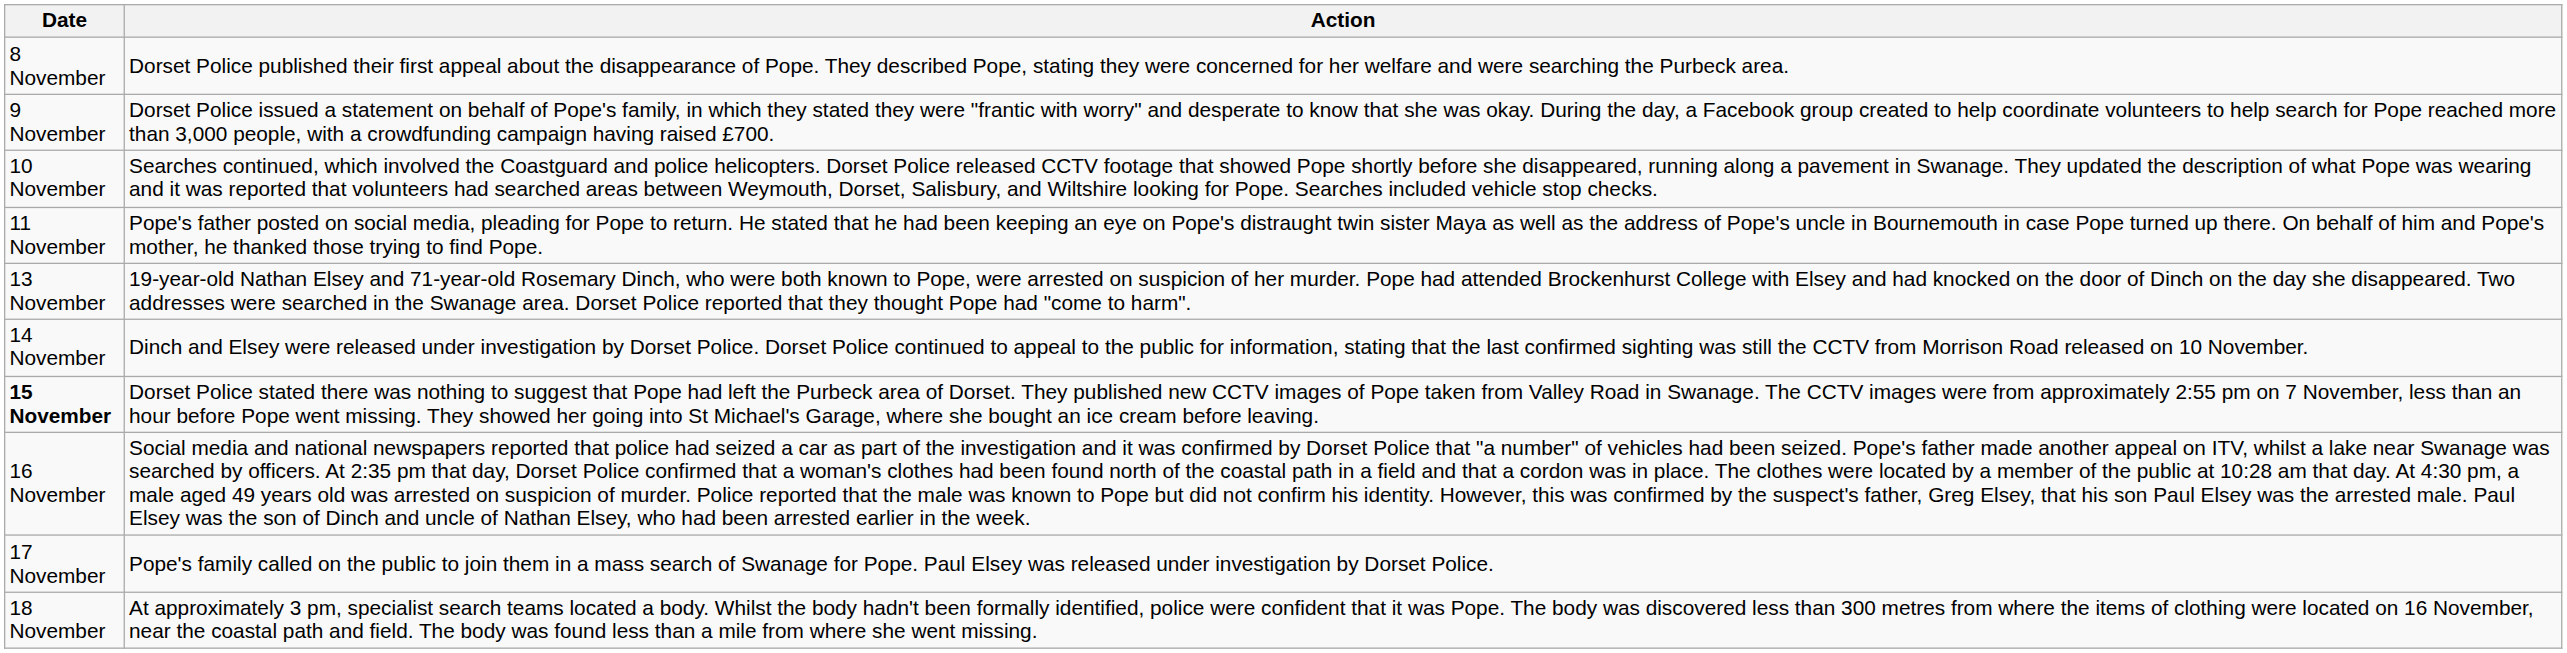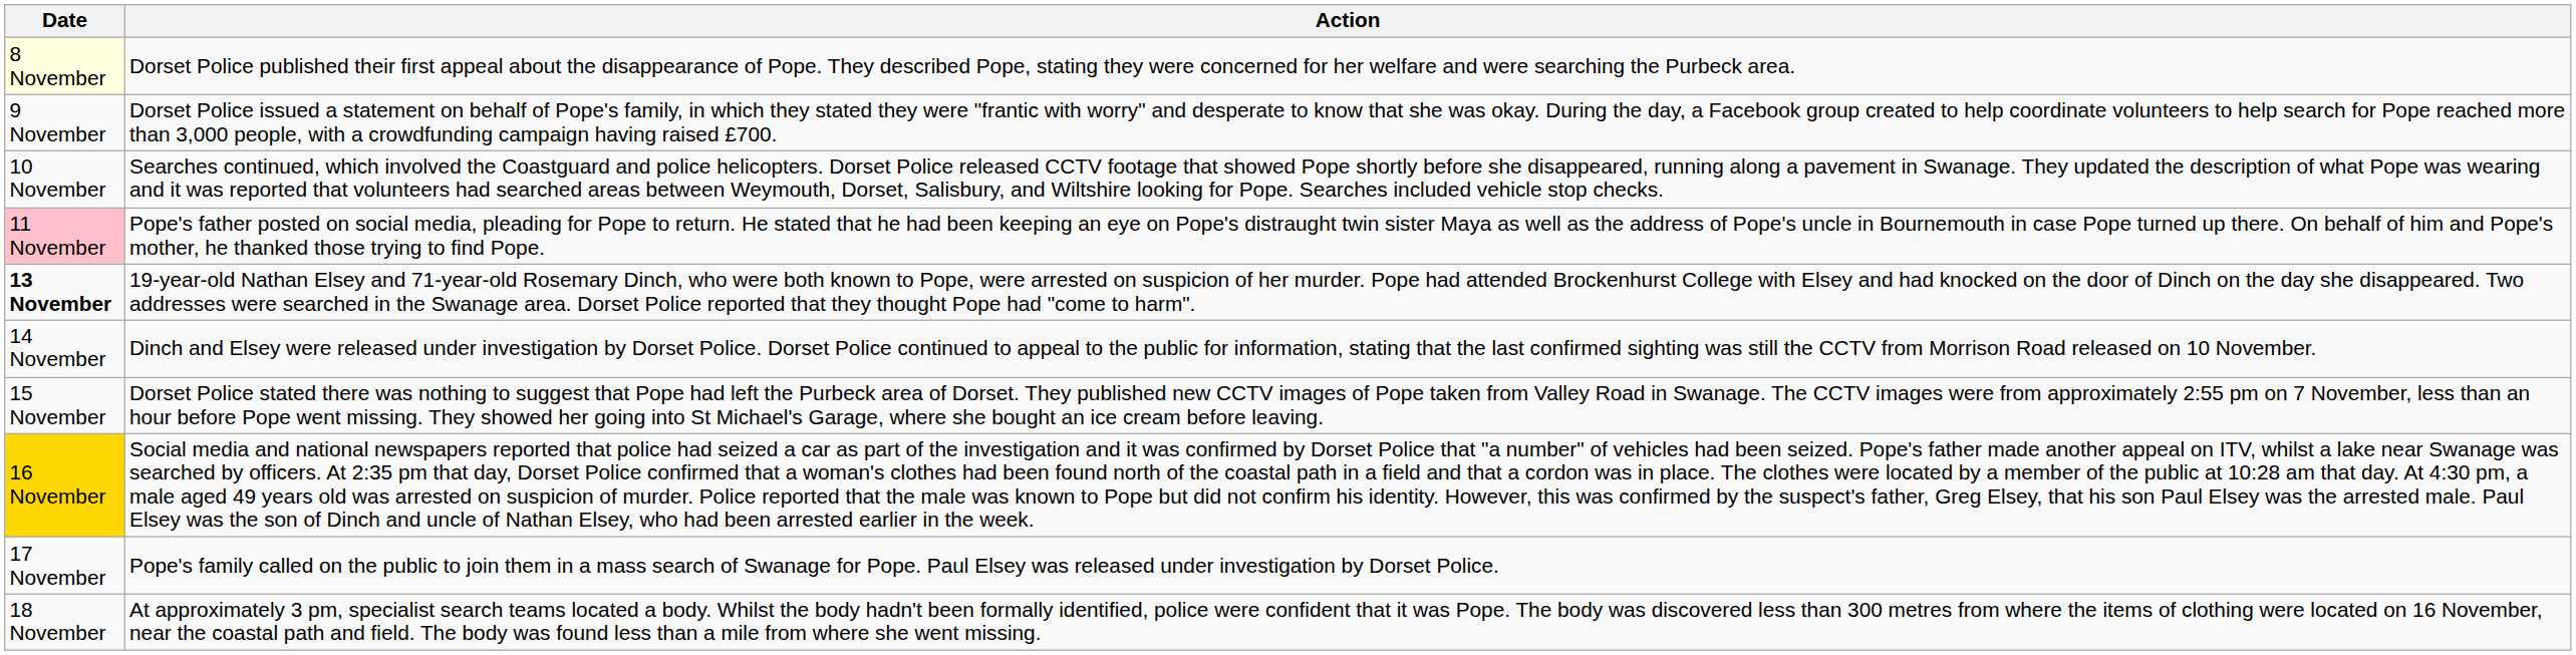 <table class="wikitable">
 <tr>
 <th>Date</th>
 <th>Action</th>
 </tr>
 <tr>
-<td>8 November</td>
+<td style="background: lightyellow;">8 November</td>
 <td>Dorset Police published their first appeal about the disappearance of Pope. They described Pope, stating they were concerned for her welfare and were searching the Purbeck area.</td>
 </tr>
 <tr>
 <td>9 November</td>
 <td>Dorset Police issued a statement on behalf of Pope's family, in which they stated they were "frantic with worry" and desperate to know that she was okay. During the day, a Facebook group created to help coordinate volunteers to help search for Pope reached more than 3,000 people, with a crowdfunding campaign having raised £700.</td>
 </tr>
 <tr>
 <td>10 November</td>
 <td>Searches continued, which involved the Coastguard and police helicopters. Dorset Police released CCTV footage that showed Pope shortly before she disappeared, running along a pavement in Swanage. They updated the description of what Pope was wearing and it was reported that volunteers had searched areas between Weymouth, Dorset, Salisbury, and Wiltshire looking for Pope. Searches included vehicle stop checks.</td>
 </tr>
 <tr>
-<td>11 November</td>
+<td style="background: pink;">11 November</td>
 <td>Pope's father posted on social media, pleading for Pope to return. He stated that he had been keeping an eye on Pope's distraught twin sister Maya as well as the address of Pope's uncle in Bournemouth in case Pope turned up there. On behalf of him and Pope's mother, he thanked those trying to find Pope.</td>
 </tr>
 <tr>
-<td>13 November</td>
+<td><strong>13 November</strong></td>
 <td>19-year-old Nathan Elsey and 71-year-old Rosemary Dinch, who were both known to Pope, were arrested on suspicion of her murder. Pope had attended Brockenhurst College with Elsey and had knocked on the door of Dinch on the day she disappeared. Two addresses were searched in the Swanage area. Dorset Police reported that they thought Pope had "come to harm".</td>
 </tr>
 <tr>
 <td>14 November</td>
 <td>Dinch and Elsey were released under investigation by Dorset Police. Dorset Police continued to appeal to the public for information, stating that the last confirmed sighting was still the CCTV from Morrison Road released on 10 November.</td>
 </tr>
 <tr>
-<td><strong>15 November</strong></td>
+<td>15 November</td>
 <td>Dorset Police stated there was nothing to suggest that Pope had left the Purbeck area of Dorset. They published new CCTV images of Pope taken from Valley Road in Swanage. The CCTV images were from approximately 2:55 pm on 7 November, less than an hour before Pope went missing. They showed her going into St Michael's Garage, where she bought an ice cream before leaving.</td>
 </tr>
 <tr>
-<td>16 November</td>
+<td style="background: gold;">16 November</td>
 <td>Social media and national newspapers reported that police had seized a car as part of the investigation and it was confirmed by Dorset Police that "a number" of vehicles had been seized. Pope's father made another appeal on ITV, whilst a lake near Swanage was searched by officers. At 2:35 pm that day, Dorset Police confirmed that a woman's clothes had been found north of the coastal path in a field and that a cordon was in place. The clothes were located by a member of the public at 10:28 am that day. At 4:30 pm, a male aged 49 years old was arrested on suspicion of murder. Police reported that the male was known to Pope but did not confirm his identity. However, this was confirmed by the suspect's father, Greg Elsey, that his son Paul Elsey was the arrested male. Paul Elsey was the son of Dinch and uncle of Nathan Elsey, who had been arrested earlier in the week.</td>
 </tr>
 <tr>
 <td>17 November</td>
 <td>Pope's family called on the public to join them in a mass search of Swanage for Pope. Paul Elsey was released under investigation by Dorset Police.</td>
 </tr>
 <tr>
 <td>18 November</td>
 <td>At approximately 3 pm, specialist search teams located a body. Whilst the body hadn't been formally identified, police were confident that it was Pope. The body was discovered less than 300 metres from where the items of clothing were located on 16 November, near the coastal path and field. The body was found less than a mile from where she went missing.</td>
 </tr>
 </table>
